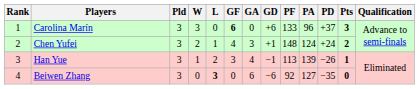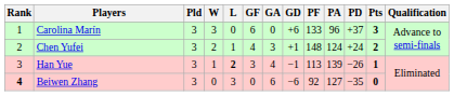 <table class="wikitable" style="font-size:90%; text-align:center">
 <tr>
 <th width="20">Rank</th>
 <th width="200">Players</th>
 <th width="20">Pld</th>
 <th width="20">W</th>
 <th width="20">L</th>
 <th width="20">GF</th>
 <th width="20">GA</th>
 <th width="20">GD</th>
 <th width="20">PF</th>
 <th width="20">PA</th>
 <th width="20">PD</th>
 <th width="20">Pts</th>
 <th width="20">Qualification</th>
 </tr>
 <tr bgcolor="#ccffcc">
 <td>1</td>
 <td align="left"> <a href='#'>Carolina Marín</a></td>
 <td>3</td>
 <td>3</td>
 <td>0</td>
-<td><strong>6</strong></td>
+<td>6</td>
 <td>0</td>
 <td>+6</td>
 <td>133</td>
 <td>96</td>
 <td>+37</td>
 <td><strong>3</strong></td>
 <td rowspan="2">Advance to <a href='#'>semi-finals</a></td>
 </tr>
 <tr bgcolor="#ccffcc">
 <td>2</td>
 <td align="left"> <a href='#'>Chen Yufei</a></td>
 <td>3</td>
 <td>2</td>
 <td>1</td>
 <td>4</td>
 <td>3</td>
 <td>+1</td>
 <td>148</td>
 <td>124</td>
 <td>+24</td>
 <td><strong>2</strong></td>
 </tr>
 <tr bgcolor="#ffcccc">
 <td>3</td>
 <td align="left"> <a href='#'>Han Yue</a></td>
 <td>3</td>
 <td>1</td>
-<td>2</td>
+<td><strong>2</strong></td>
 <td>3</td>
 <td>4</td>
 <td>−1</td>
 <td>113</td>
 <td>139</td>
 <td>−26</td>
 <td><strong>1</strong></td>
 <td rowspan="2">Eliminated</td>
 </tr>
 <tr bgcolor="#ffcccc">
-<td>4</td>
+<td><strong>4</strong></td>
 <td align="left"> <a href='#'>Beiwen Zhang</a></td>
 <td>3</td>
 <td>0</td>
-<td><strong>3</strong></td>
+<td>3</td>
 <td>0</td>
 <td>6</td>
 <td>−6</td>
 <td>92</td>
 <td>127</td>
 <td>−35</td>
 <td><strong>0</strong></td>
 </tr>
 </table>
